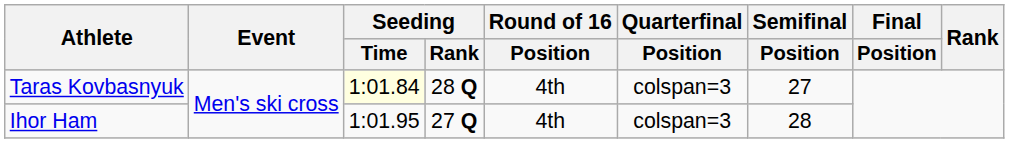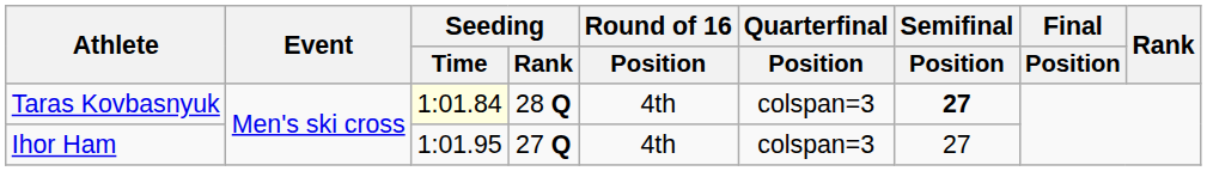 <table class="wikitable" style="font-size:90%">
 <tr>
 <th rowspan="2">Athlete</th>
 <th rowspan="2">Event</th>
 <th colspan="2">Seeding</th>
 <th>Round of 16</th>
 <th>Quarterfinal</th>
 <th>Semifinal</th>
 <th>Final</th>
 <th rowspan="2">Rank</th>
 </tr>
 <tr style="font-size:95%">
 <th>Time</th>
 <th>Rank</th>
 <th>Position</th>
 <th>Position</th>
 <th>Position</th>
 <th>Position</th>
 </tr>
 <tr align=center>
 <td align=left><a href='#'>Taras Kovbasnyuk</a></td>
 <td align=left rowspan=2><a href='#'>Men's ski cross</a></td>
 <td style="background: lightyellow;">1:01.84</td>
 <td>28 <strong>Q</strong></td>
 <td>4th</td>
 <td>colspan=3 </td>
-<td>27</td>
+<td><strong>27</strong></td>
 </tr>
 <tr align=center>
 <td align=left><a href='#'>Ihor Ham</a></td>
 <td>1:01.95</td>
 <td>27 <strong>Q</strong></td>
 <td>4th</td>
 <td>colspan=3 </td>
-<td>28</td>
+<td>27</td>
 </tr>
 </table>
